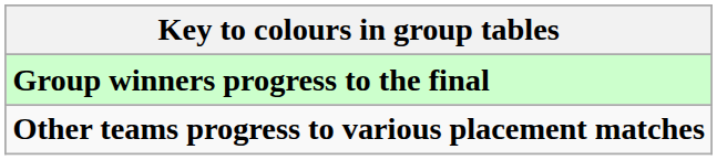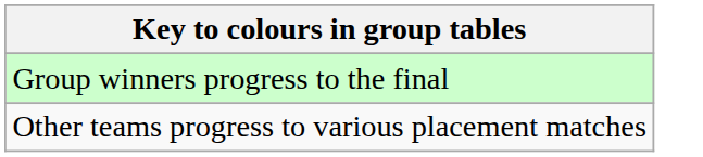 <table class="wikitable">
 <tr>
 <th colspan=3>Key to colours in group tables</th>
 </tr>
 <tr>
-<td bgcolor=ccffcc><strong>Group winners progress to the final</strong></td>
+<td bgcolor=ccffcc>Group winners progress to the final</td>
 </tr>
 <tr>
-<td><strong>Other teams progress to various placement matches</strong></td>
+<td>Other teams progress to various placement matches</td>
 </tr>
 </table>
